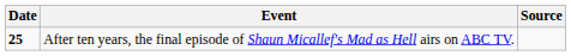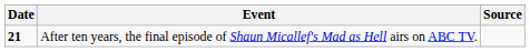 <table class="wikitable">
 <tr>
 <th>Date</th>
 <th>Event</th>
 <th>Source</th>
 </tr>
 <tr>
-<td><strong>25</strong></td>
+<td><strong>21</strong></td>
 <td>After ten years, the final episode of <em><a href='#'>Shaun Micallef's Mad as Hell</a></em> airs on <a href='#'>ABC TV</a>.</td>
 <td></td>
 </tr>
 </table>
